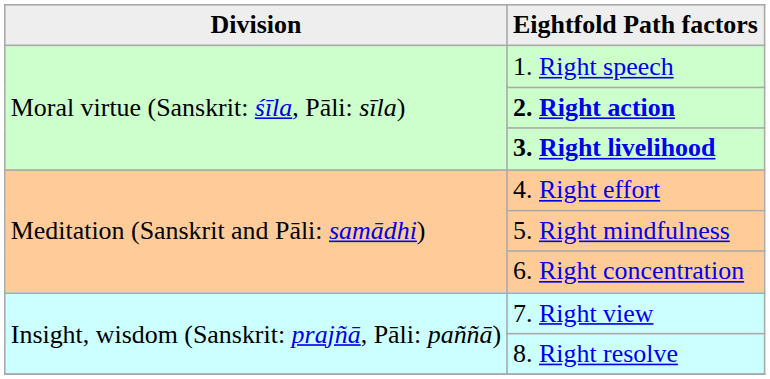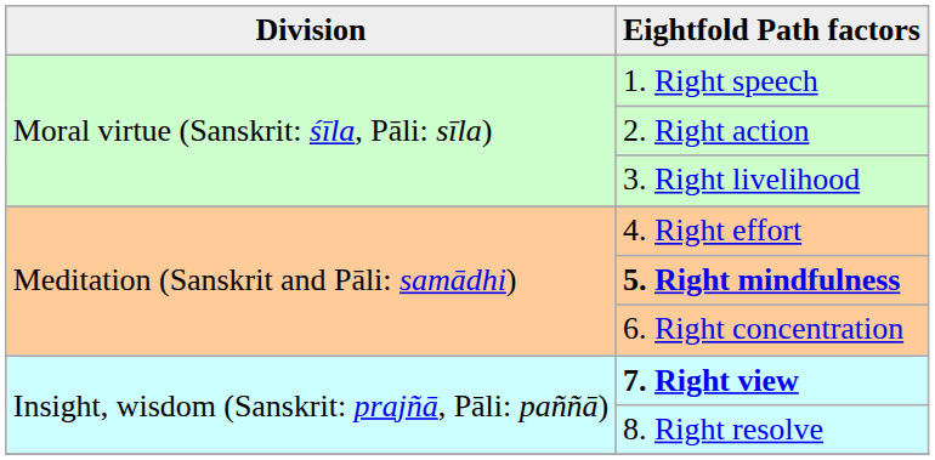 <table class="wikitable">
 <tr>
 <th style="background:#eee; text-align:center;">Division</th>
 <th style="background:#eee; text-align:center;">Eightfold Path factors</th>
 </tr>
 <tr>
 <td style="background:#cfc;" rowspan="3">Moral virtue (Sanskrit: <em><a href='#'>śīla</a></em>, Pāli: <em>sīla</em>)</td>
 <td style="background:#cfc;">1. <a href='#'>Right speech</a></td>
 </tr>
 <tr>
-<td style="background:#cfc;"><strong>2. <a href='#'>Right action</a></strong></td>
+<td style="background:#cfc;">2. <a href='#'>Right action</a></td>
 </tr>
 <tr>
-<td style="background:#cfc;"><strong>3. <a href='#'>Right livelihood</a></strong></td>
+<td style="background:#cfc;">3. <a href='#'>Right livelihood</a></td>
 </tr>
 <tr>
 <td style="background:#fc9;" rowspan="3">Meditation (Sanskrit and Pāli: <em><a href='#'>samādhi</a></em>)</td>
 <td style="background:#fc9;">4. <a href='#'>Right effort</a></td>
 </tr>
 <tr>
-<td style="background:#fc9;">5. <a href='#'>Right mindfulness</a></td>
+<td style="background:#fc9;"><strong>5. <a href='#'>Right mindfulness</a></strong></td>
 </tr>
 <tr>
 <td style="background:#fc9;">6. <a href='#'>Right concentration</a></td>
 </tr>
 <tr>
 <td style="background:#cff;" rowspan="2">Insight, wisdom (Sanskrit: <em><a href='#'>prajñā</a></em>, Pāli: <em>paññā</em>)</td>
-<td style="background:#cff;">7. <a href='#'>Right view</a></td>
+<td style="background:#cff;"><strong>7. <a href='#'>Right view</a></strong></td>
 </tr>
 <tr>
 <td style="background:#cff;">8. <a href='#'>Right resolve</a></td>
 </tr>
 <tr>
 </tr>
 </table>
